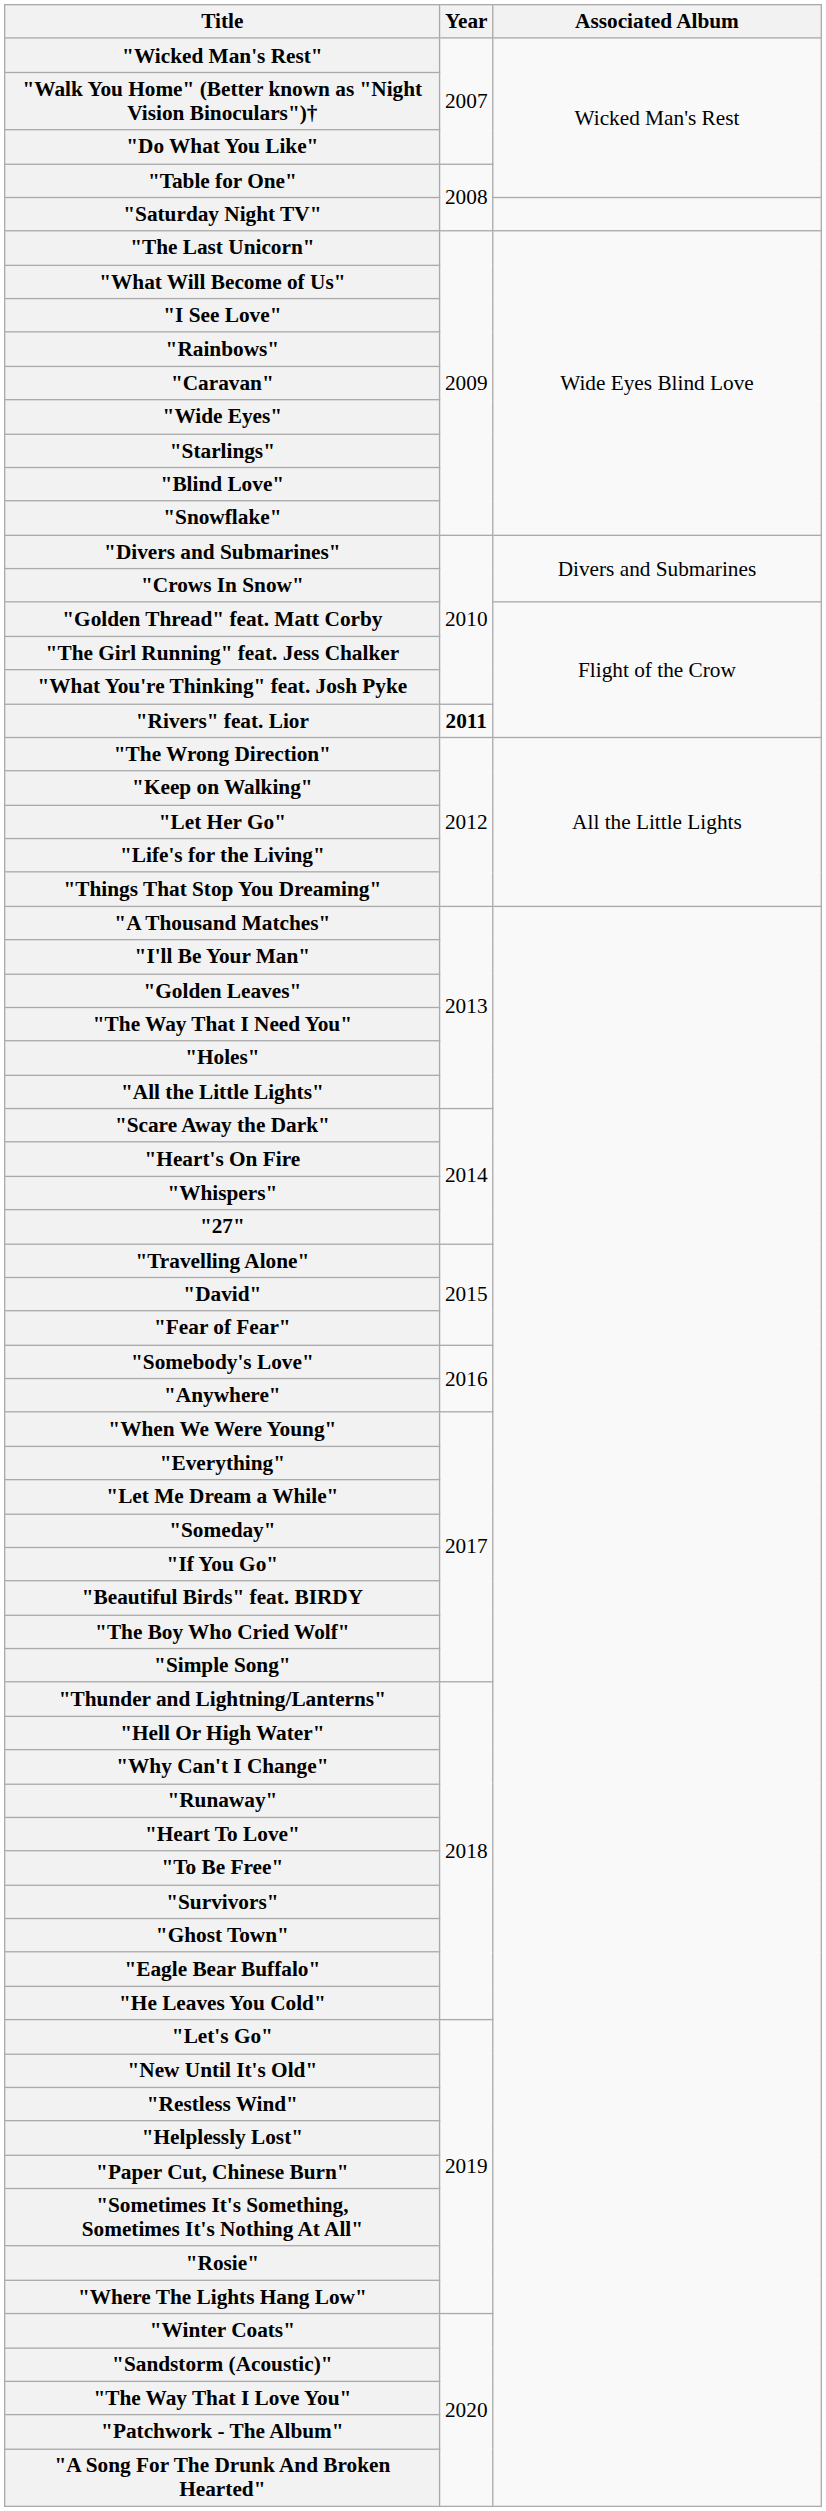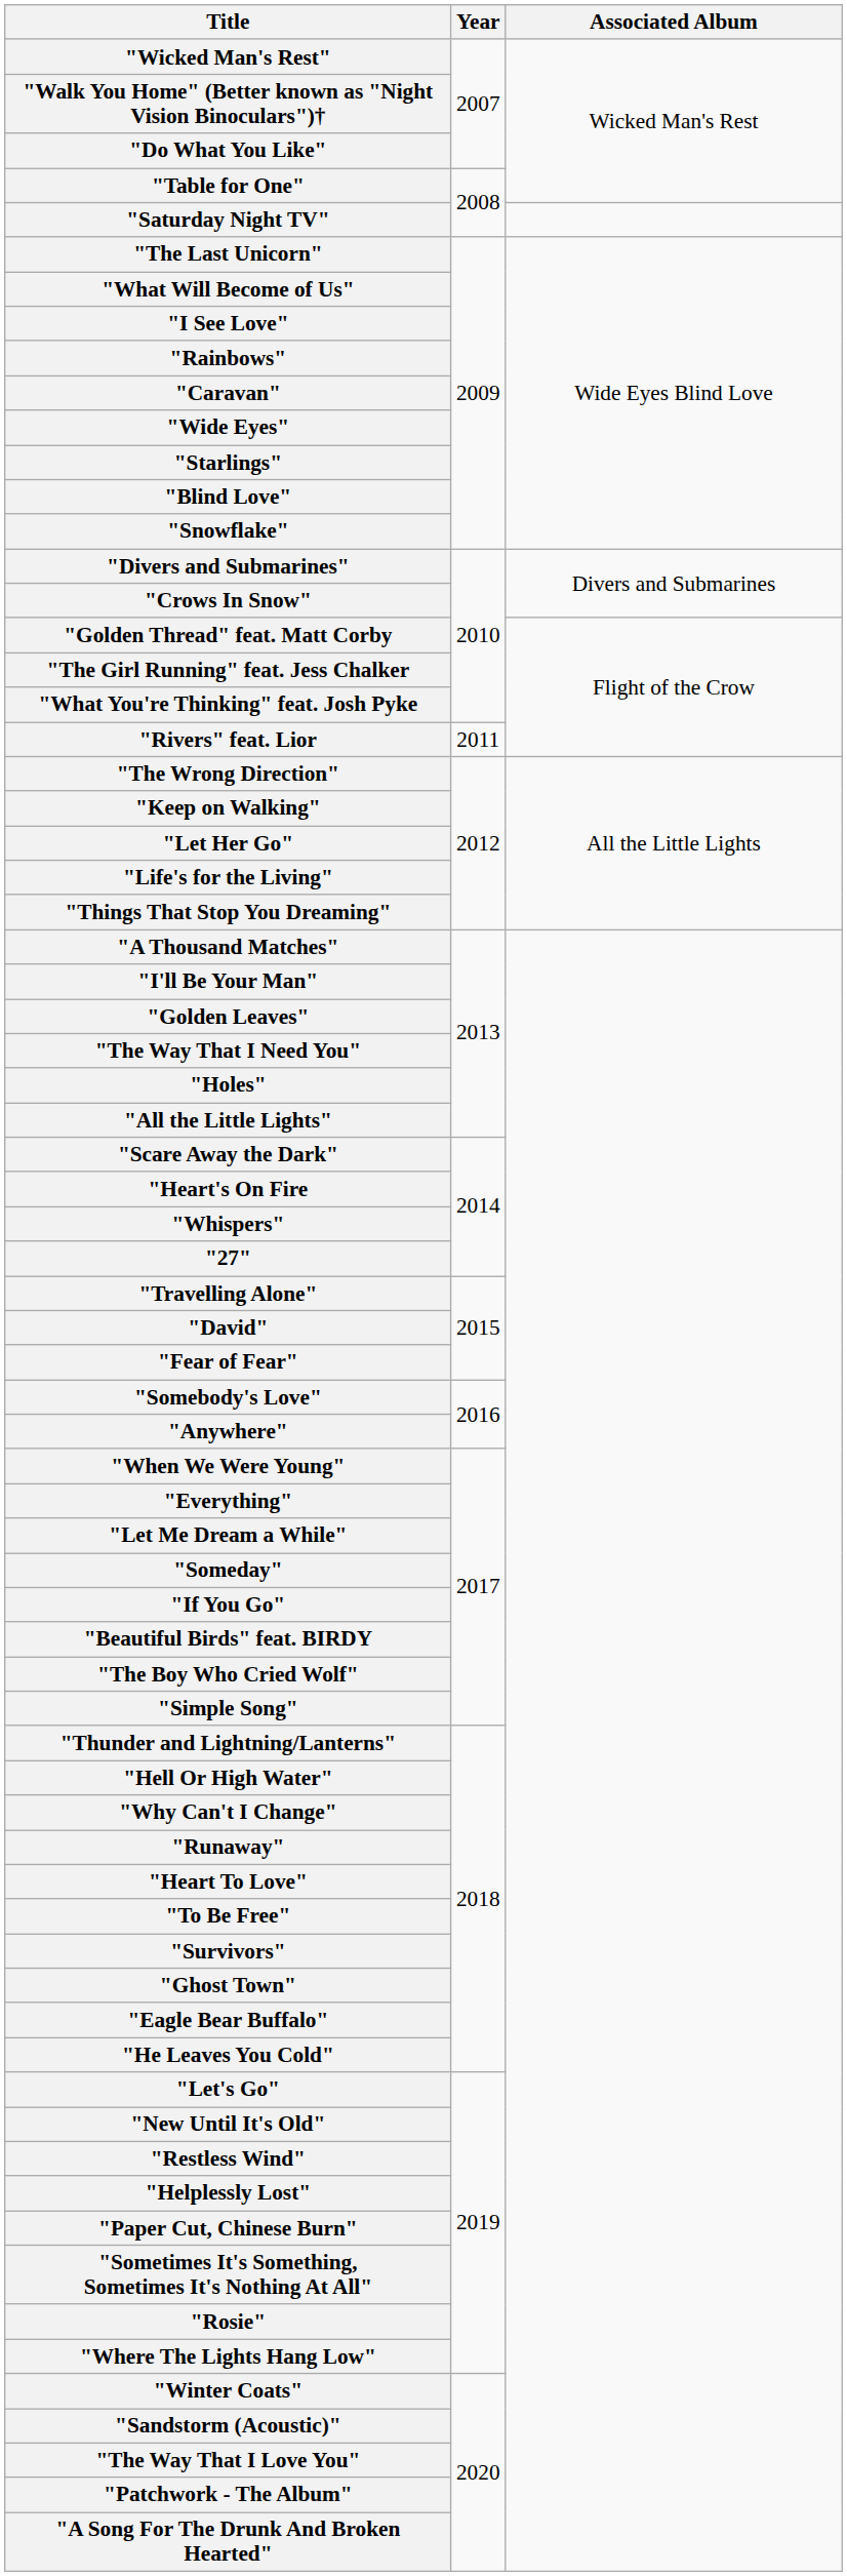 <table class="wikitable plainrowheaders" style="text-align:center;">
 <tr>
 <th scope="col" style="width:20em;">Title</th>
 <th scope="col" style="width:1em;">Year</th>
 <th scope="col" style="width:15em;">Associated Album</th>
 </tr>
 <tr>
 <th scope="row">"Wicked Man's Rest"</th>
 <td rowspan="3">2007</td>
 <td rowspan="4">Wicked Man's Rest</td>
 </tr>
 <tr>
 <th scope="row">"Walk You Home" (Better known as "Night Vision Binoculars")†</th>
 </tr>
 <tr>
 <th scope="row">"Do What You Like"</th>
 </tr>
 <tr>
 <th scope="row">"Table for One" </th>
 <td rowspan="2">2008</td>
 </tr>
 <tr>
 <th scope="row">"Saturday Night TV"</th>
 </tr>
 <tr>
 <th scope="row">"The Last Unicorn" </th>
 <td rowspan="9">2009</td>
 <td rowspan="9">Wide Eyes Blind Love</td>
 </tr>
 <tr>
 <th scope="row">"What Will Become of Us" </th>
 </tr>
 <tr>
 <th scope="row">"I See Love" </th>
 </tr>
 <tr>
 <th scope="row">"Rainbows"</th>
 </tr>
 <tr>
 <th scope="row">"Caravan"</th>
 </tr>
 <tr>
 <th scope="row">"Wide Eyes" </th>
 </tr>
 <tr>
 <th scope="row">"Starlings" </th>
 </tr>
 <tr>
 <th scope="row">"Blind Love"</th>
 </tr>
 <tr>
 <th scope="row">"Snowflake"</th>
 </tr>
 <tr>
 <th scope="row">"Divers and Submarines"</th>
 <td rowspan="5">2010</td>
 <td rowspan="2">Divers and Submarines</td>
 </tr>
 <tr>
 <th scope="row">"Crows In Snow"</th>
 </tr>
 <tr>
 <th scope="row">"Golden Thread" feat. Matt Corby</th>
 <td rowspan="4">Flight of the Crow</td>
 </tr>
 <tr>
 <th scope="row">"The Girl Running" feat. Jess Chalker</th>
 </tr>
 <tr>
 <th scope="row">"What You're Thinking" feat. Josh Pyke</th>
 </tr>
 <tr>
 <th scope="row">"Rivers" feat. Lior</th>
-<td rowspan="1"><strong>2011</strong></td>
+<td rowspan="1">2011</td>
 </tr>
 <tr>
 <th scope="row">"The Wrong Direction"</th>
 <td rowspan="5">2012</td>
 <td rowspan="5">All the Little Lights</td>
 </tr>
 <tr>
 <th scope="row">"Keep on Walking"</th>
 </tr>
 <tr>
 <th scope="row">"Let Her Go"</th>
 </tr>
 <tr>
 <th scope="row">"Life's for the Living"</th>
 </tr>
 <tr>
 <th scope="row">"Things That Stop You Dreaming"</th>
 </tr>
 <tr>
 <th scope="row">"A Thousand Matches"</th>
 <td rowspan="6">2013</td>
 </tr>
 <tr>
 <th scope="row">"I'll Be Your Man"</th>
 </tr>
 <tr>
 <th scope="row">"Golden Leaves"</th>
 </tr>
 <tr>
 <th scope="row">"The Way That I Need You"</th>
 </tr>
 <tr>
 <th scope="row">"Holes"</th>
 </tr>
 <tr>
 <th scope="row">"All the Little Lights"</th>
 </tr>
 <tr>
 <th scope="row">"Scare Away the Dark"</th>
 <td rowspan="4">2014</td>
 </tr>
 <tr>
 <th scope="row">"Heart's On Fire</th>
 </tr>
 <tr>
 <th scope="row">"Whispers"</th>
 </tr>
 <tr>
 <th scope="row">"27"</th>
 </tr>
 <tr>
 <th scope="row">"Travelling Alone"</th>
 <td rowspan="3">2015</td>
 </tr>
 <tr>
 <th scope="row">"David"</th>
 </tr>
 <tr>
 <th scope="row">"Fear of Fear"</th>
 </tr>
 <tr>
 <th scope="row">"Somebody's Love"</th>
 <td rowspan="2">2016</td>
 </tr>
 <tr>
 <th scope="row">"Anywhere"</th>
 </tr>
 <tr>
 <th scope="row">"When We Were Young"</th>
 <td rowspan="8">2017</td>
 </tr>
 <tr>
 <th scope="row">"Everything"</th>
 </tr>
 <tr>
 <th scope="row">"Let Me Dream a While"</th>
 </tr>
 <tr>
 <th scope="row">"Someday"</th>
 </tr>
 <tr>
 <th scope="row">"If You Go"</th>
 </tr>
 <tr>
 <th scope="row">"Beautiful Birds" feat. BIRDY</th>
 </tr>
 <tr>
 <th scope="row">"The Boy Who Cried Wolf"</th>
 </tr>
 <tr>
 <th scope="row">"Simple Song"</th>
 </tr>
 <tr>
 <th scope="row">"Thunder and Lightning/Lanterns"</th>
 <td rowspan="10">2018</td>
 </tr>
 <tr>
 <th scope="row">"Hell Or High Water"</th>
 </tr>
 <tr>
 <th scope="row">"Why Can't I Change"</th>
 </tr>
 <tr>
 <th scope="row">"Runaway"</th>
 </tr>
 <tr>
 <th scope="row">"Heart To Love"</th>
 </tr>
 <tr>
 <th scope="row">"To Be Free"</th>
 </tr>
 <tr>
 <th scope="row">"Survivors"</th>
 </tr>
 <tr>
 <th scope="row">"Ghost Town"</th>
 </tr>
 <tr>
 <th scope="row">"Eagle Bear Buffalo"</th>
 </tr>
 <tr>
 <th scope="row">"He Leaves You Cold"</th>
 </tr>
 <tr>
 <th scope="row">"Let's Go"</th>
 <td rowspan="8">2019</td>
 </tr>
 <tr>
 <th scope="row">"New Until It's Old"</th>
 </tr>
 <tr>
 <th scope="row">"Restless Wind"</th>
 </tr>
 <tr>
 <th scope="row">"Helplessly Lost"</th>
 </tr>
 <tr>
 <th scope="row">"Paper Cut, Chinese Burn"</th>
 </tr>
 <tr>
 <th scope="row">"Sometimes It's Something,<br>Sometimes It's Nothing At All"</th>
 </tr>
 <tr>
 <th scope="row">"Rosie"</th>
 </tr>
 <tr>
 <th scope="row">"Where The Lights Hang Low"</th>
 </tr>
 <tr>
 <th scope="row">"Winter Coats"</th>
 <td rowspan="5">2020</td>
 </tr>
 <tr>
 <th scope="row">"Sandstorm (Acoustic)"</th>
 </tr>
 <tr>
 <th scope="row">"The Way That I Love You"</th>
 </tr>
 <tr>
 <th scope="row">"Patchwork - The Album"</th>
 </tr>
 <tr>
 <th scope="row">"A Song For The Drunk And Broken Hearted"</th>
 </tr>
 </table>
